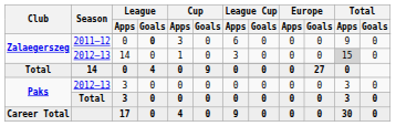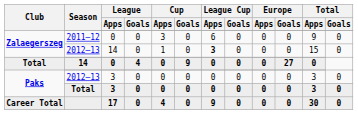 <table class="wikitable" style="font-size:90%; text-align: center;">
 <tr>
 <th rowspan="2">Club</th>
 <th rowspan="2">Season</th>
 <th colspan="2">League</th>
 <th colspan="2">Cup</th>
 <th colspan="2">League Cup</th>
 <th colspan="2">Europe</th>
 <th colspan="2">Total</th>
 </tr>
 <tr>
 <th>Apps</th>
 <th>Goals</th>
 <th>Apps</th>
 <th>Goals</th>
 <th>Apps</th>
 <th>Goals</th>
 <th>Apps</th>
 <th>Goals</th>
 <th>Apps</th>
 <th>Goals</th>
 </tr>
 <tr ||-||-||-|->
 <td rowspan="4" valign="center"><strong><a href='#'>Zalaegerszeg</a></strong></td>
 </tr>
 <tr>
 <td><a href='#'>2011–12</a></td>
 <td>0</td>
-<td><strong>0</strong></td>
+<td>0</td>
 <td>3</td>
 <td>0</td>
 <td>6</td>
 <td>0</td>
 <td>0</td>
 <td>0</td>
 <td>9</td>
 <td>0</td>
 </tr>
 <tr>
 <td><a href='#'>2012–13</a></td>
 <td>14</td>
 <td>0</td>
 <td>1</td>
 <td>0</td>
-<td>3</td>
+<td><strong>3</strong></td>
 <td>0</td>
 <td>0</td>
 <td>0</td>
-<td style="background: lightgrey;">15</td>
+<td>15</td>
 <td>0</td>
 </tr>
 <tr>
 </tr>
 <tr style="font-weight:bold; background-color:#eeeeee;">
 <td>Total</td>
 <td>14</td>
 <td>0</td>
 <td>4</td>
 <td>0</td>
 <td>9</td>
 <td>0</td>
 <td>0</td>
 <td>0</td>
 <td>27</td>
 <td>0</td>
 </tr>
 <tr>
 <td rowspan="3" valign="center"><strong><a href='#'>Paks</a></strong></td>
 </tr>
 <tr>
 <td><a href='#'>2012–13</a></td>
 <td>3</td>
 <td>0</td>
 <td>0</td>
 <td>0</td>
 <td>0</td>
 <td>0</td>
 <td>0</td>
 <td>0</td>
 <td>3</td>
 <td>0</td>
 </tr>
 <tr style="font-weight:bold; background-color:#eeeeee;">
 <td>Total</td>
 <td>3</td>
 <td>0</td>
 <td>0</td>
 <td>0</td>
 <td>0</td>
 <td>0</td>
 <td>0</td>
 <td>0</td>
 <td>3</td>
 <td>0</td>
 </tr>
 <tr style="font-weight:bold; background-color:#eeeeee;">
 <td rowspan="2" valign="top"><strong>Career Total</strong></td>
 <td></td>
 <td><strong>17</strong></td>
 <td><strong>0</strong></td>
 <td><strong>4</strong></td>
 <td><strong>0</strong></td>
 <td><strong>9</strong></td>
 <td><strong>0</strong></td>
 <td><strong>0</strong></td>
 <td><strong>0</strong></td>
 <td><strong>30</strong></td>
 <td><strong>0</strong></td>
 </tr>
 </table>
